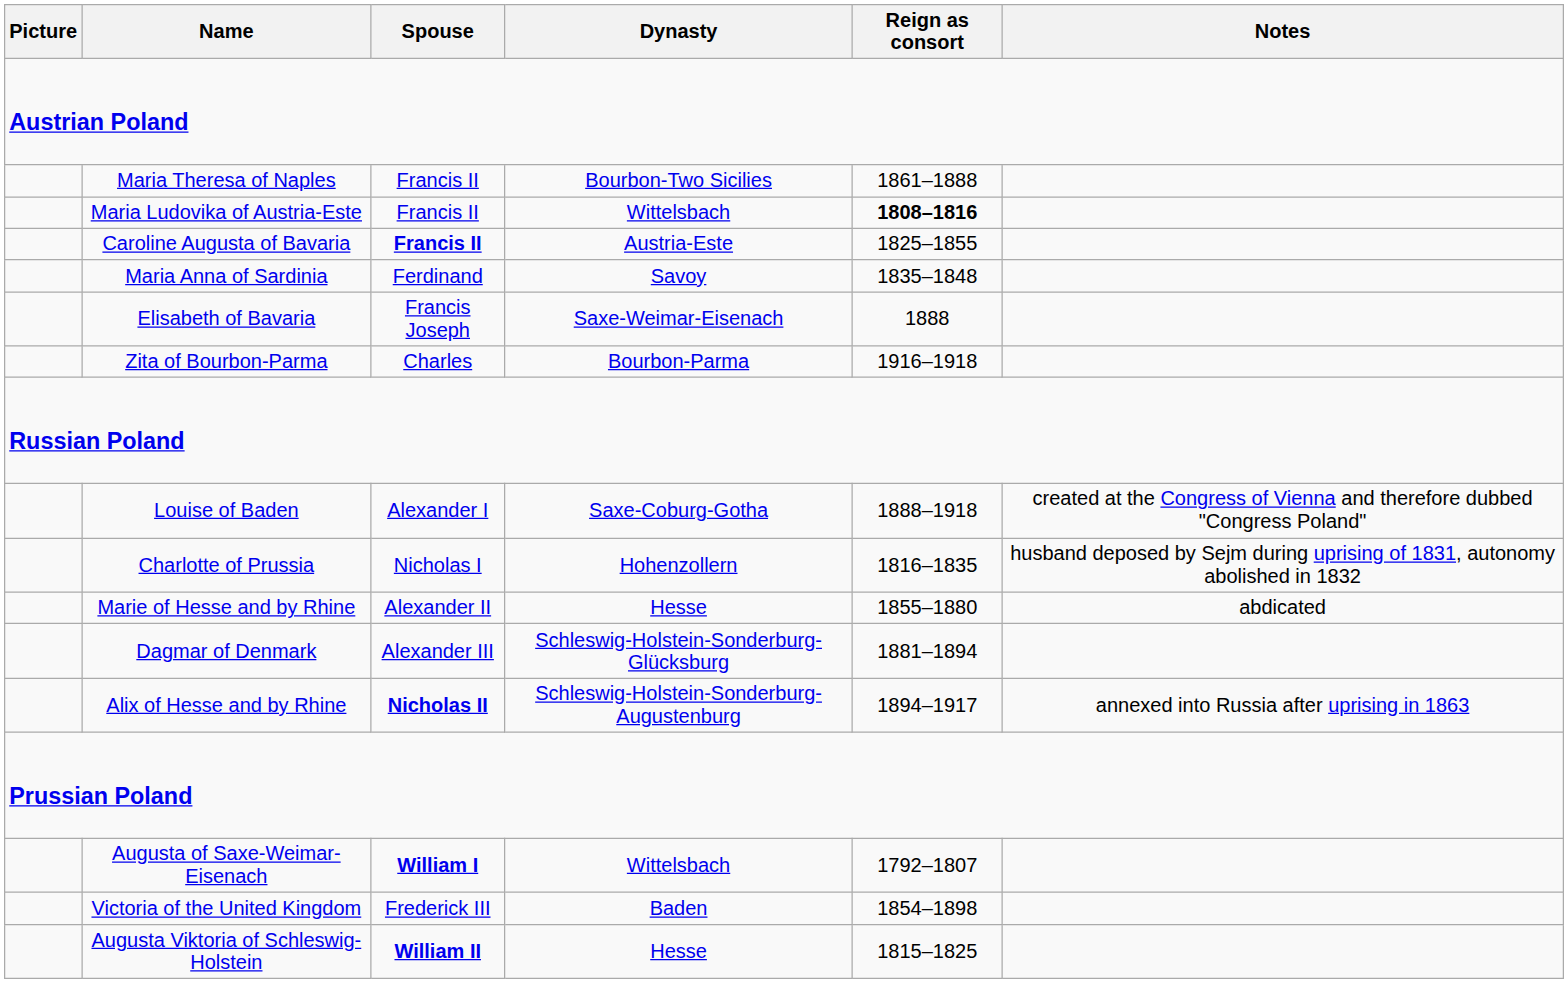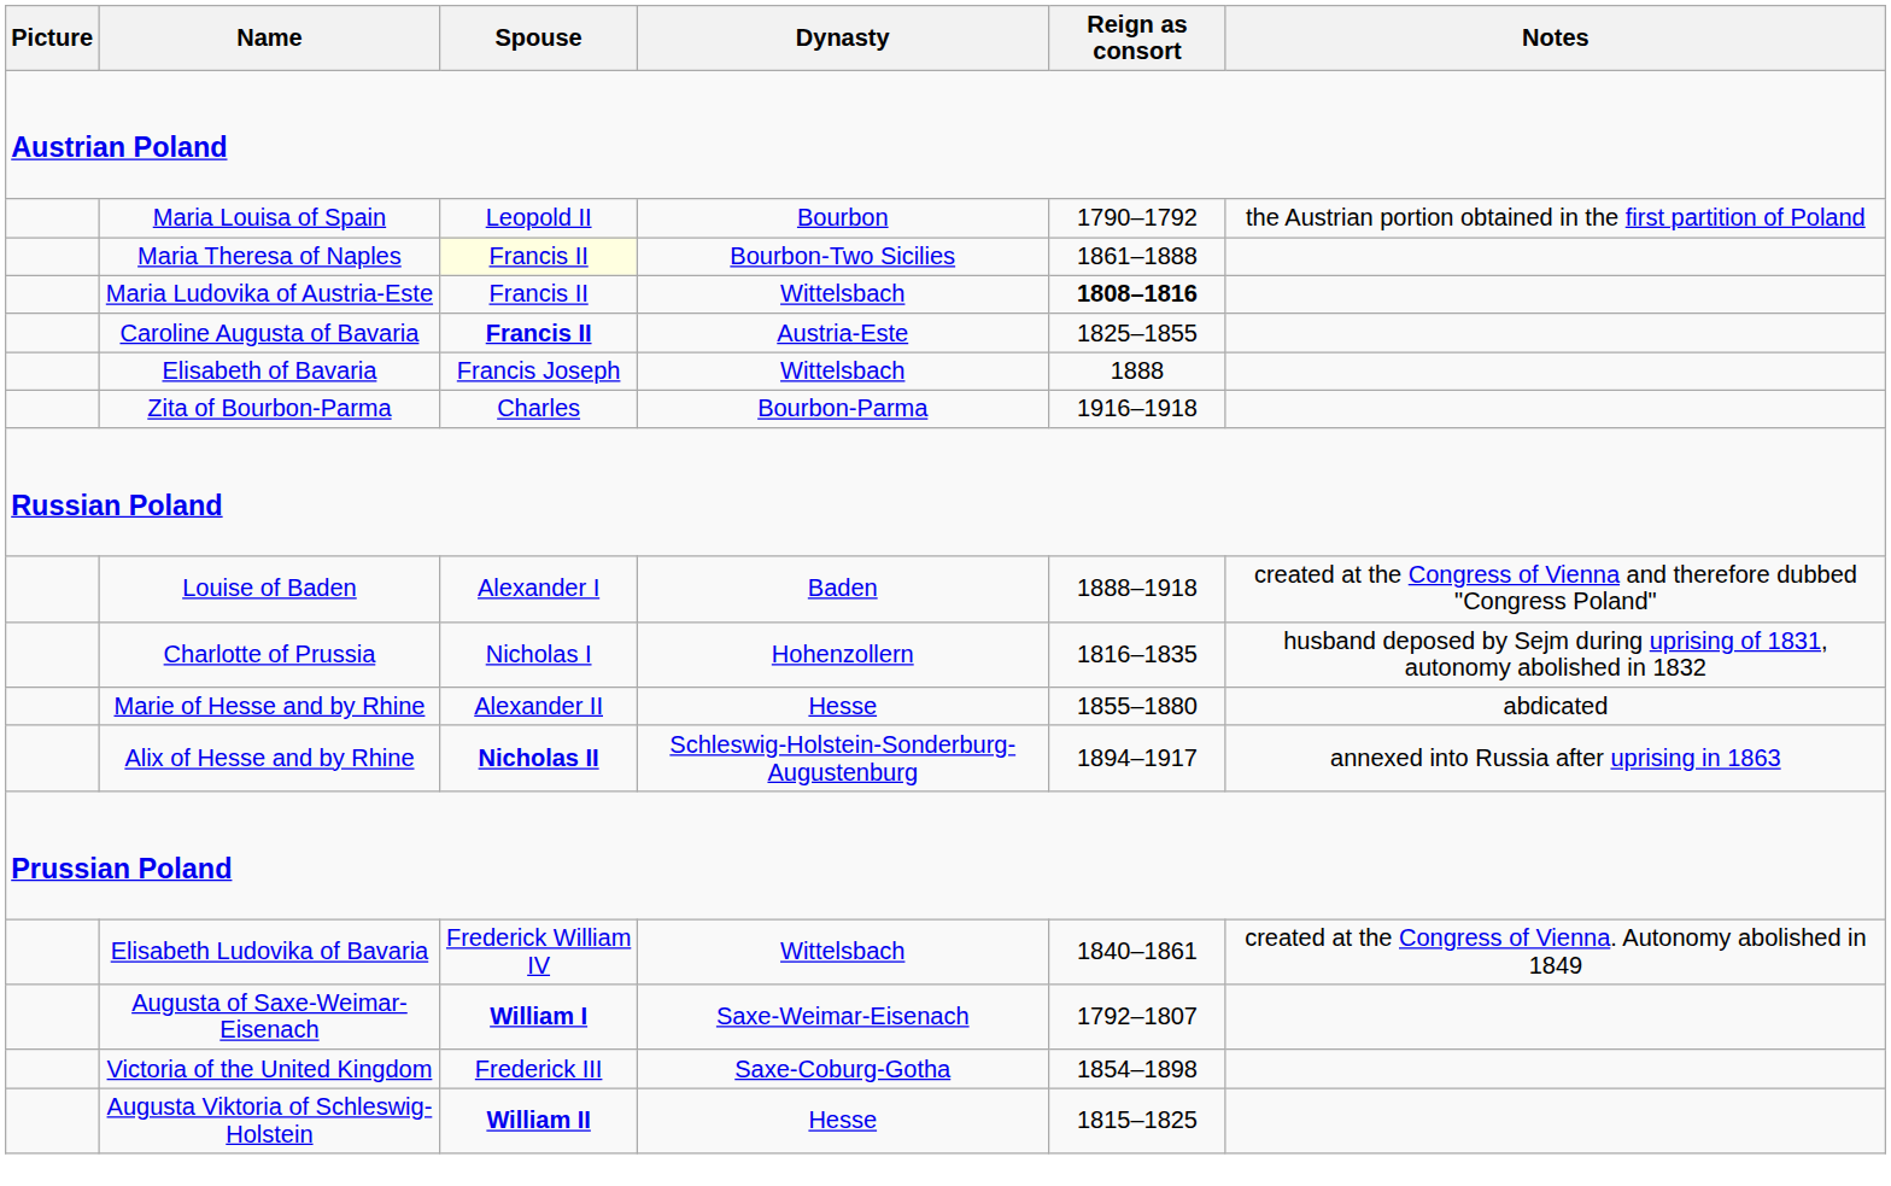 <table class="wikitable">
 <tr>
 <th>Picture</th>
 <th>Name</th>
 <th>Spouse</th>
 <th>Dynasty</th>
 <th>Reign as consort</th>
 <th>Notes</th>
 </tr>
 <tr>
 <td colspan=6><br><h3><a href='#'>Austrian Poland</a></h3></td>
 </tr>
 <tr>
 <td align=center></td>
+<td align=center><a href='#'>Maria Louisa of Spain</a></td>
+<td align=center><a href='#'>Leopold II</a></td>
+<td align=center><a href='#'>Bourbon</a></td>
+<td align=center>1790–1792</td>
+<td align=center>the Austrian portion obtained in the <a href='#'>first partition of Poland</a></td>
+</tr>
+<tr>
+<td align=center></td>
 <td align=center><a href='#'>Maria Theresa of Naples</a></td>
-<td align=center><a href='#'>Francis II</a></td>
+<td align=center style="background: lightyellow;"><a href='#'>Francis II</a></td>
 <td align=center><a href='#'>Bourbon-Two Sicilies</a></td>
 <td align=center>1861–1888</td>
 <td align=center></td>
 </tr>
 <tr>
 <td align=center></td>
 <td align=center><a href='#'>Maria Ludovika of Austria-Este</a></td>
 <td align=center><a href='#'>Francis II</a></td>
 <td align=center><a href='#'>Wittelsbach</a></td>
 <td align=center><strong>1808–1816</strong></td>
 <td align=center></td>
 </tr>
 <tr>
 <td align=center></td>
 <td align=center><a href='#'>Caroline Augusta of Bavaria</a></td>
 <td align=center><strong><a href='#'>Francis II</a></strong></td>
 <td align=center><a href='#'>Austria-Este</a></td>
 <td align=center>1825–1855</td>
 <td align=center></td>
 </tr>
 <tr>
 <td align=center></td>
-<td align=center><a href='#'>Maria Anna of Sardinia</a></td>
-<td align=center><a href='#'>Ferdinand</a></td>
-<td align=center><a href='#'>Savoy</a></td>
-<td align=center>1835–1848</td>
-<td align=center></td>
-</tr>
-<tr>
-<td align=center></td>
 <td align=center><a href='#'>Elisabeth of Bavaria</a></td>
 <td align=center><a href='#'>Francis Joseph</a></td>
-<td align=center><a href='#'>Saxe-Weimar-Eisenach</a></td>
+<td align=center><a href='#'>Wittelsbach</a></td>
 <td align=center>1888</td>
 <td align=center></td>
 </tr>
 <tr>
 <td align=center></td>
 <td align=center><a href='#'>Zita of Bourbon-Parma</a></td>
 <td align=center><a href='#'>Charles</a></td>
 <td align=center><a href='#'>Bourbon-Parma</a></td>
 <td align=center>1916–1918</td>
 <td align=center></td>
 </tr>
 <tr>
 <td colspan=6><br><h3><a href='#'>Russian Poland</a></h3></td>
 </tr>
 <tr>
 <td align=center></td>
 <td align=center><a href='#'>Louise of Baden</a></td>
 <td align=center><a href='#'>Alexander I</a></td>
-<td align=center><a href='#'>Saxe-Coburg-Gotha</a></td>
+<td align=center><a href='#'>Baden</a></td>
 <td align=center>1888–1918</td>
 <td align=center>created at the <a href='#'>Congress of Vienna</a> and therefore dubbed "Congress Poland"</td>
 </tr>
 <tr>
 <td align=center></td>
 <td align=center><a href='#'>Charlotte of Prussia</a></td>
 <td align=center><a href='#'>Nicholas I</a></td>
 <td align=center><a href='#'>Hohenzollern</a></td>
 <td align=center>1816–1835</td>
 <td align=center>husband deposed by Sejm during <a href='#'>uprising of 1831</a>, autonomy abolished in 1832</td>
 </tr>
 <tr>
 <td align=center></td>
 <td align=center><a href='#'>Marie of Hesse and by Rhine</a></td>
 <td align=center><a href='#'>Alexander II</a></td>
 <td align=center><a href='#'>Hesse</a></td>
 <td align=center>1855–1880</td>
 <td align=center>abdicated</td>
 </tr>
 <tr>
 <td align=center></td>
-<td align=center><a href='#'>Dagmar of Denmark</a></td>
-<td align=center><a href='#'>Alexander III</a></td>
-<td align=center><a href='#'>Schleswig-Holstein-Sonderburg-Glücksburg</a></td>
-<td align=center>1881–1894</td>
-<td align=center></td>
-</tr>
-<tr>
-<td align=center></td>
 <td align=center><a href='#'>Alix of Hesse and by Rhine</a></td>
 <td align=center><strong><a href='#'>Nicholas II</a></strong></td>
 <td align=center><a href='#'>Schleswig-Holstein-Sonderburg-Augustenburg</a></td>
 <td align=center>1894–1917</td>
 <td align=center>annexed into Russia after <a href='#'>uprising in 1863</a></td>
 </tr>
 <tr>
 <td colspan=6><br><h3><a href='#'>Prussian Poland</a></h3></td>
 </tr>
 <tr>
 <td align=center></td>
+<td align=center><a href='#'>Elisabeth Ludovika of Bavaria</a></td>
+<td align=center><a href='#'>Frederick William IV</a></td>
+<td align=center><a href='#'>Wittelsbach</a></td>
+<td align=center>1840–1861</td>
+<td align=center>created at the <a href='#'>Congress of Vienna</a>. Autonomy abolished in 1849</td>
+</tr>
+<tr>
+<td align=center></td>
 <td align=center><a href='#'>Augusta of Saxe-Weimar-Eisenach</a></td>
 <td align=center><strong><a href='#'>William I</a></strong></td>
-<td align=center><a href='#'>Wittelsbach</a></td>
+<td align=center><a href='#'>Saxe-Weimar-Eisenach</a></td>
 <td align=center>1792–1807</td>
 <td align=center></td>
 </tr>
 <tr>
 <td align=center></td>
 <td align=center><a href='#'>Victoria of the United Kingdom</a></td>
 <td align=center><a href='#'>Frederick III</a></td>
-<td align=center><a href='#'>Baden</a></td>
+<td align=center><a href='#'>Saxe-Coburg-Gotha</a></td>
 <td align=center>1854–1898</td>
 <td align=center></td>
 </tr>
 <tr>
 <td align=center></td>
 <td align=center><a href='#'>Augusta Viktoria of Schleswig-Holstein</a></td>
 <td align=center><strong><a href='#'>William II</a></strong></td>
 <td align=center><a href='#'>Hesse</a></td>
 <td align=center>1815–1825</td>
 <td align=center></td>
 </tr>
 </table>
